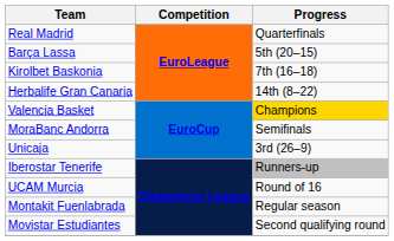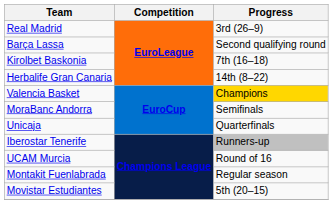 <table class="wikitable sortable">
 <tr>
 <th>Team</th>
 <th>Competition</th>
 <th>Progress</th>
 </tr>
 <tr>
 <td><a href='#'>Real Madrid</a></td>
 <td rowspan="4" style="background:#ff6d09;color:#ffffff;text-align:center"><strong><a href='#'><span>EuroLeague</span></a></strong></td>
-<td>Quarterfinals</td>
+<td>3rd (26–9)</td>
 </tr>
 <tr>
 <td><a href='#'>Barça Lassa</a></td>
-<td>5th (20–15)</td>
+<td>Second qualifying round</td>
 </tr>
 <tr>
 <td><a href='#'>Kirolbet Baskonia</a></td>
 <td>7th (16–18)</td>
 </tr>
 <tr>
 <td><a href='#'>Herbalife Gran Canaria</a></td>
 <td>14th (8–22)</td>
 </tr>
 <tr>
 <td><a href='#'>Valencia Basket</a></td>
 <td rowspan="3" style="background-color:#0072CE;color:white;text-align:center"><strong><a href='#'><span>EuroCup</span></a></strong></td>
 <td bgcolor=#FFD700>Champions</td>
 </tr>
 <tr>
 <td><a href='#'>MoraBanc Andorra</a></td>
 <td>Semifinals</td>
 </tr>
 <tr>
 <td><a href='#'>Unicaja</a></td>
-<td>3rd (26–9)</td>
+<td>Quarterfinals</td>
 </tr>
 <tr>
 <td><a href='#'>Iberostar Tenerife</a></td>
 <td rowspan="4" style="background-color:#071D49;color:#D0D3D4;text-align:center"><strong><a href='#'><span>Champions League</span></a></strong></td>
 <td bgcolor=#C0C0C0>Runners-up</td>
 </tr>
 <tr>
 <td><a href='#'>UCAM Murcia</a></td>
 <td>Round of 16</td>
 </tr>
 <tr>
 <td><a href='#'>Montakit Fuenlabrada</a></td>
 <td>Regular season</td>
 </tr>
 <tr>
 <td><a href='#'>Movistar Estudiantes</a></td>
-<td>Second qualifying round</td>
+<td>5th (20–15)</td>
 </tr>
 <tr>
 </tr>
 </table>
